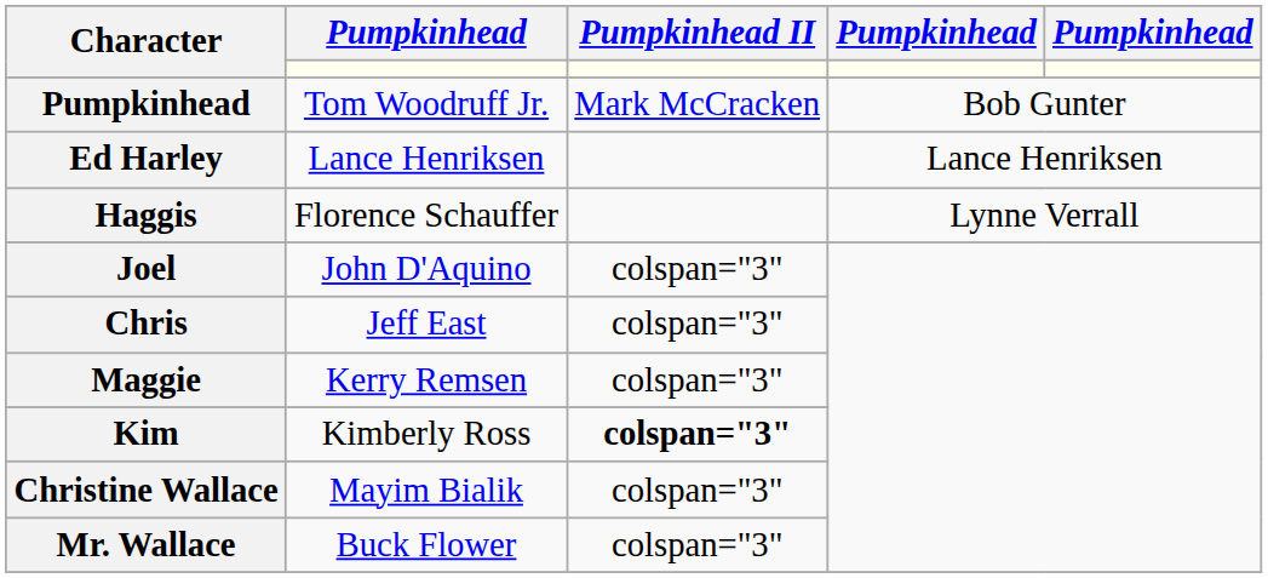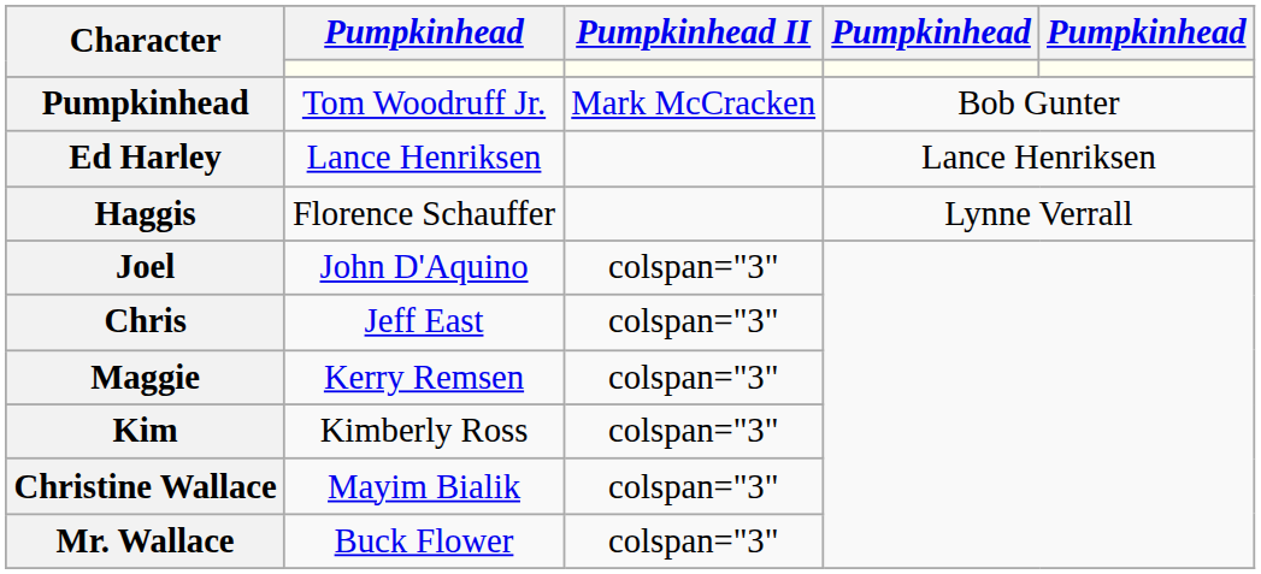 <table class="wikitable" style="text-align:center;">
 <tr>
 <th rowspan="2">Character</th>
 <th><em><a href='#'>Pumpkinhead</a></em></th>
 <th><em><a href='#'>Pumpkinhead II<br></a></em></th>
 <th><em><a href='#'>Pumpkinhead<br></a></em></th>
 <th><em><a href='#'>Pumpkinhead<br></a></em></th>
 </tr>
 <tr>
 <th style="background:ivory;"></th>
 <th style="background:ivory;"></th>
 <th style="background:ivory;"></th>
 <th style="background:ivory;"></th>
 </tr>
 <tr>
 <th>Pumpkinhead</th>
 <td><a href='#'>Tom Woodruff Jr.</a></td>
 <td><a href='#'>Mark McCracken</a></td>
 <td colspan="2">Bob Gunter</td>
 </tr>
 <tr>
 <th>Ed Harley</th>
 <td><a href='#'>Lance Henriksen</a></td>
 <td></td>
 <td colspan="2">Lance Henriksen</td>
 </tr>
 <tr>
 <th>Haggis</th>
 <td>Florence Schauffer</td>
 <td></td>
 <td colspan="2">Lynne Verrall</td>
 </tr>
 <tr>
 <th>Joel</th>
 <td><a href='#'>John D'Aquino</a></td>
 <td>colspan="3" </td>
 </tr>
 <tr>
 <th>Chris</th>
 <td><a href='#'>Jeff East</a></td>
 <td>colspan="3" </td>
 </tr>
 <tr>
 <th>Maggie</th>
 <td><a href='#'>Kerry Remsen</a></td>
 <td>colspan="3" </td>
 </tr>
 <tr>
 <th>Kim</th>
 <td>Kimberly Ross</td>
-<td><strong>colspan="3" </strong></td>
+<td>colspan="3" </td>
 </tr>
 <tr>
 <th>Christine Wallace</th>
 <td><a href='#'>Mayim Bialik</a></td>
 <td>colspan="3" </td>
 </tr>
 <tr>
 <th>Mr. Wallace</th>
 <td><a href='#'>Buck Flower</a></td>
 <td>colspan="3" </td>
 </tr>
 </table>
